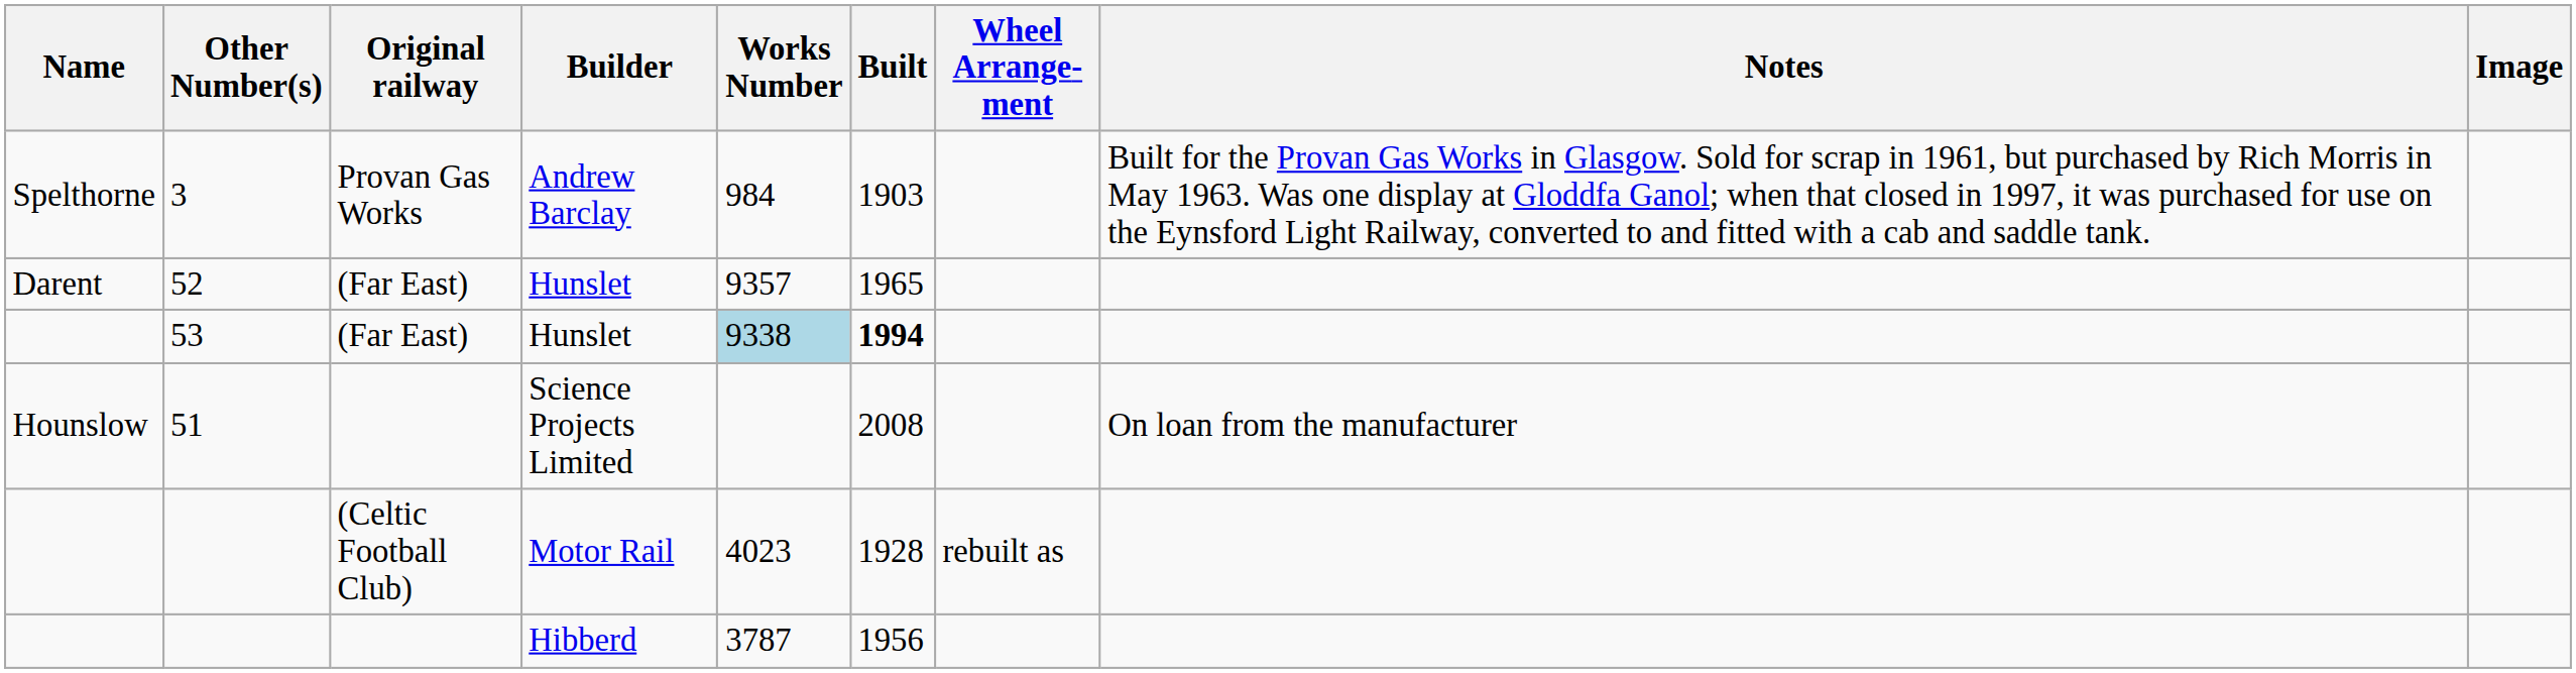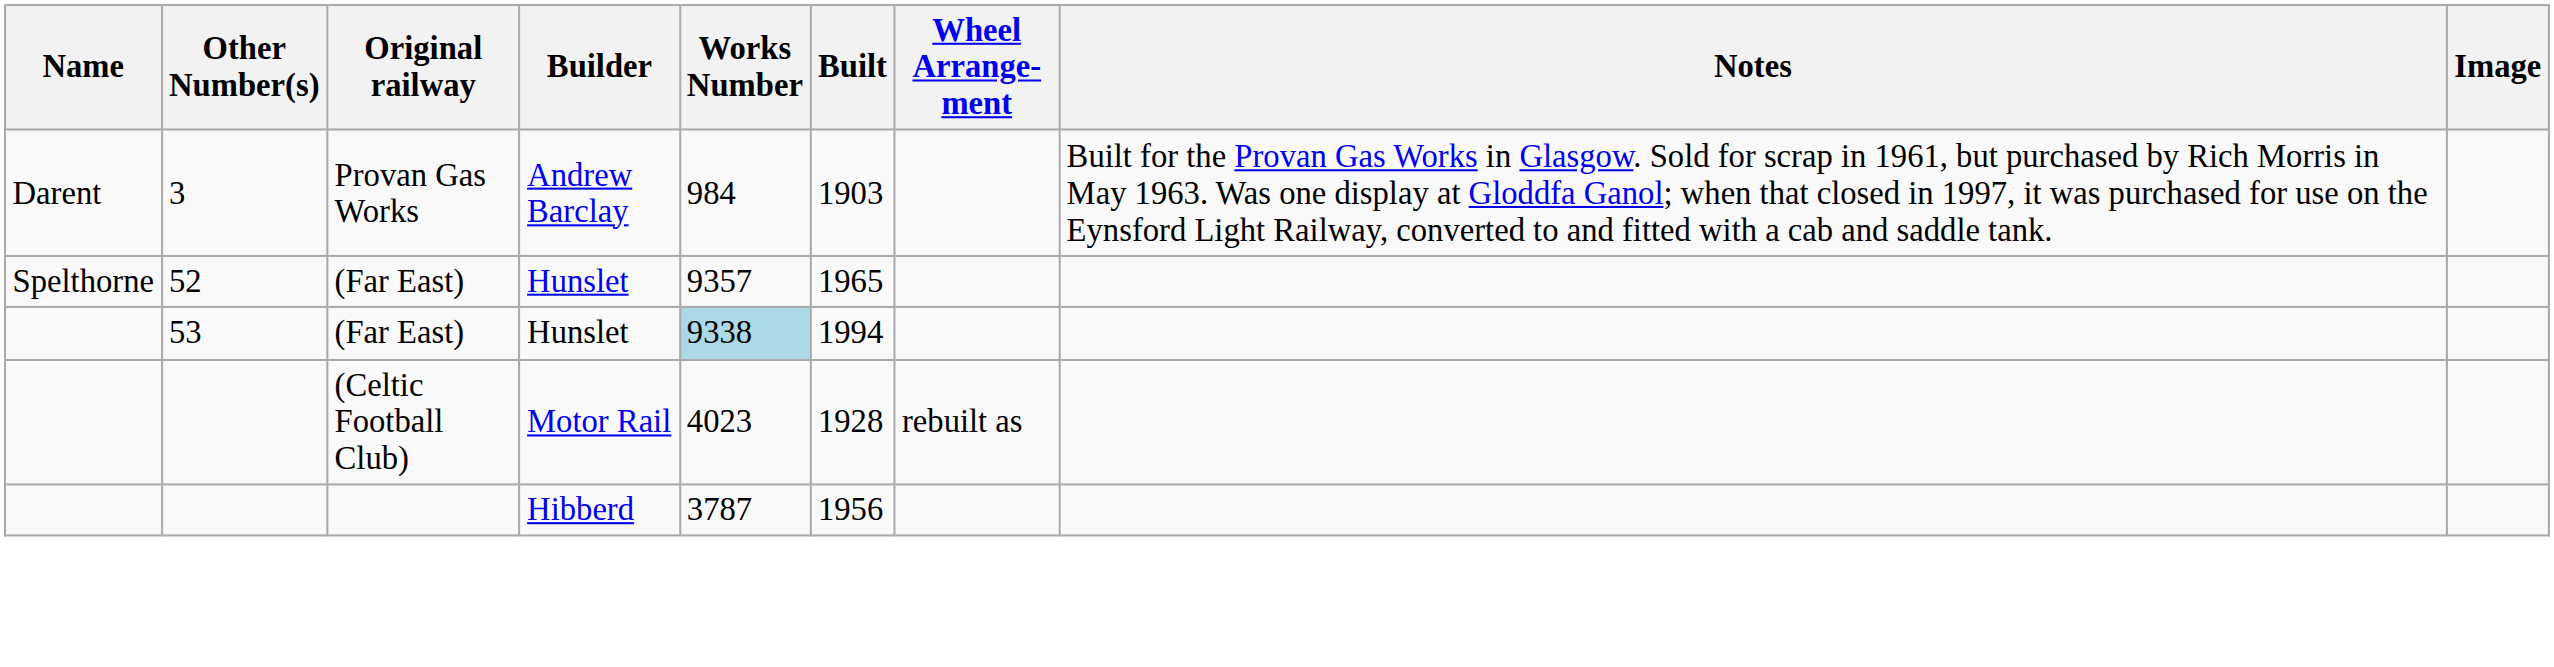 <table class="wikitable sortable">
 <tr>
 <th>Name</th>
 <th>Other<br>Number(s)</th>
 <th>Original railway</th>
 <th>Builder</th>
 <th>Works<br>Number</th>
 <th>Built</th>
 <th><a href='#'>Wheel<br>Arrange­ment</a></th>
 <th>Notes</th>
 <th>Image</th>
 </tr>
 <tr>
-<td>Spelthorne</td>
+<td>Darent</td>
 <td>3</td>
 <td>Provan Gas Works</td>
 <td><a href='#'>Andrew Barclay</a></td>
 <td>984</td>
 <td>1903</td>
 <td></td>
 <td>Built for the <a href='#'>Provan Gas Works</a> in <a href='#'>Glasgow</a>. Sold for scrap in 1961, but purchased by Rich Morris in May 1963. Was one display at <a href='#'>Gloddfa Ganol</a>; when that closed in 1997, it was purchased for use on the Eynsford Light Railway, converted to  and fitted with a cab and saddle tank.</td>
 <td></td>
 </tr>
 <tr>
-<td>Darent</td>
+<td>Spelthorne</td>
 <td>52</td>
 <td>(Far East)</td>
 <td><a href='#'>Hunslet</a></td>
 <td>9357</td>
 <td>1965</td>
 <td></td>
 <td></td>
 <td></td>
 </tr>
 <tr>
 <td></td>
 <td>53</td>
 <td>(Far East)</td>
 <td>Hunslet</td>
 <td style="background: lightblue;">9338</td>
-<td><strong>1994</strong></td>
+<td>1994</td>
 <td></td>
 <td></td>
-<td></td>
-</tr>
-<tr>
-<td>Hounslow</td>
-<td>51</td>
-<td></td>
-<td>Science Projects Limited</td>
-<td></td>
-<td>2008</td>
-<td></td>
-<td>On loan from the manufacturer</td>
 <td></td>
 </tr>
 <tr>
 <td></td>
 <td></td>
 <td>(Celtic Football Club)</td>
 <td><a href='#'>Motor Rail</a></td>
 <td>4023</td>
 <td>1928</td>
 <td> rebuilt as </td>
 <td></td>
 <td></td>
 </tr>
 <tr>
 <td></td>
 <td></td>
 <td></td>
 <td><a href='#'>Hibberd</a></td>
 <td>3787</td>
 <td>1956</td>
 <td></td>
 <td></td>
 <td></td>
 </tr>
 </table>
